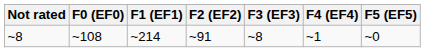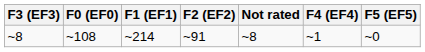 <table class="wikitable mw-collapsible">
 <tr>
-<th>Not rated</th>
+<th style="background-color:#">F3 (EF3)</th>
 <th style="background-color:#">F0 (EF0)</th>
 <th style="background-color:#">F1 (EF1)</th>
 <th style="background-color:#">F2 (EF2)</th>
-<th style="background-color:#">F3 (EF3)</th>
+<th>Not rated</th>
 <th style="background-color:#">F4 (EF4)</th>
 <th style="background-color:#">F5 (EF5)</th>
 </tr>
 <tr>
 <td>~8</td>
 <td>~108</td>
 <td>~214</td>
 <td>~91</td>
 <td>~8</td>
 <td>~1</td>
 <td>~0</td>
 </tr>
 </table>
